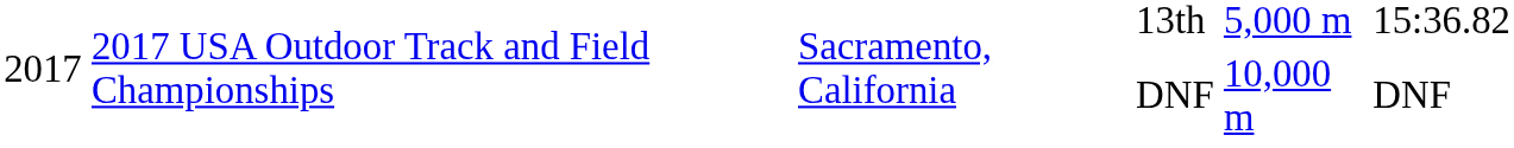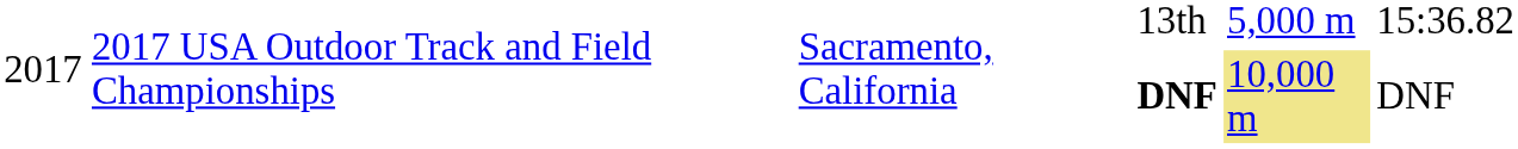 <table>
 <tr>
 <td rowspan=2>2017</td>
 <td rowspan=2><a href='#'>2017 USA Outdoor Track and Field Championships</a></td>
 <td rowspan=2><a href='#'>Sacramento, California</a></td>
 <td>13th</td>
 <td><a href='#'>5,000 m</a></td>
 <td>15:36.82</td>
 </tr>
 <tr>
-<td>DNF</td>
-<td><a href='#'>10,000 m</a></td>
+<td><strong>DNF</strong></td>
+<td style="background: khaki;"><a href='#'>10,000 m</a></td>
 <td>DNF</td>
 </tr>
 <tr>
 </tr>
 </table>
